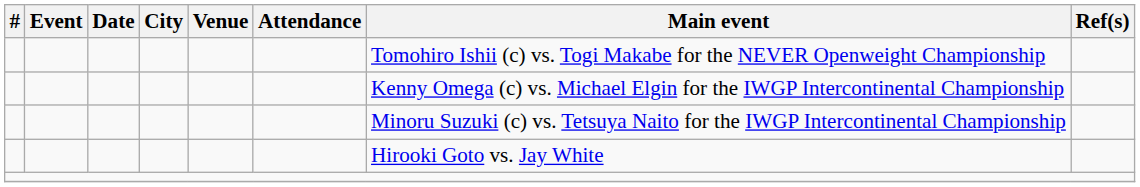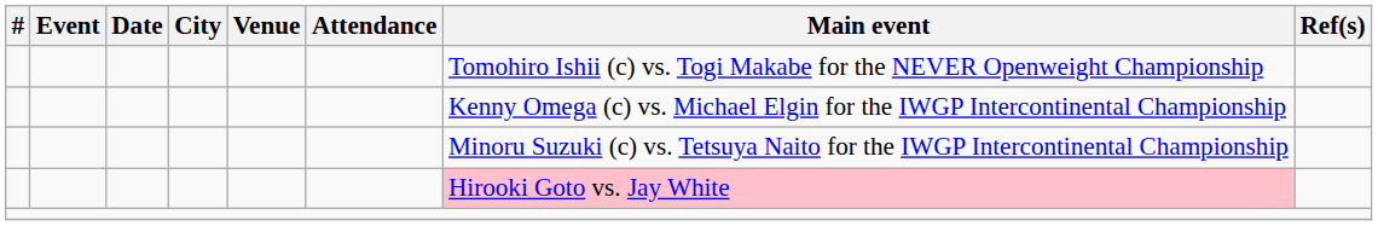 <table class="wikitable sortable" align="center">
 <tr>
 <th>#</th>
 <th>Event</th>
 <th>Date</th>
 <th>City</th>
 <th>Venue</th>
 <th>Attendance</th>
 <th>Main event</th>
 <th>Ref(s)</th>
 </tr>
 <tr>
 <td></td>
 <td></td>
 <td></td>
 <td></td>
 <td></td>
 <td></td>
 <td align="left"><a href='#'>Tomohiro Ishii</a> (c) vs. <a href='#'>Togi Makabe</a> for the <a href='#'>NEVER Openweight Championship</a></td>
 <td></td>
 </tr>
 <tr>
 <td></td>
 <td></td>
 <td></td>
 <td></td>
 <td></td>
 <td></td>
 <td align="left"><a href='#'>Kenny Omega</a> (c) vs. <a href='#'>Michael Elgin</a> for the <a href='#'>IWGP Intercontinental Championship</a></td>
 <td></td>
 </tr>
 <tr>
 <td></td>
 <td></td>
 <td></td>
 <td></td>
 <td></td>
 <td></td>
 <td align="left"><a href='#'>Minoru Suzuki</a> (c) vs. <a href='#'>Tetsuya Naito</a> for the <a href='#'>IWGP Intercontinental Championship</a></td>
 <td></td>
 </tr>
 <tr>
 <td></td>
 <td></td>
 <td></td>
 <td></td>
 <td></td>
 <td></td>
-<td align="left"><a href='#'>Hirooki Goto</a> vs. <a href='#'>Jay White</a></td>
+<td align="left" style="background: pink;"><a href='#'>Hirooki Goto</a> vs. <a href='#'>Jay White</a></td>
 <td></td>
 </tr>
 <tr>
 <td colspan="8"></td>
 </tr>
 <tr>
 </tr>
 </table>
